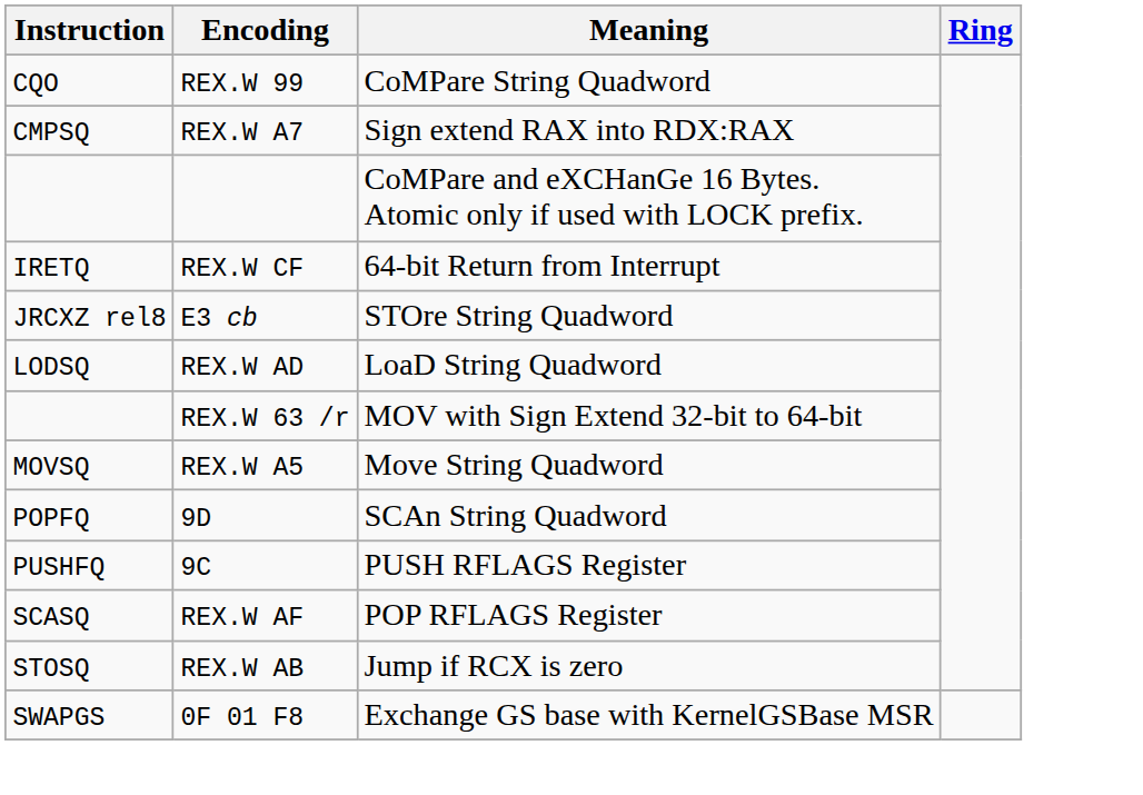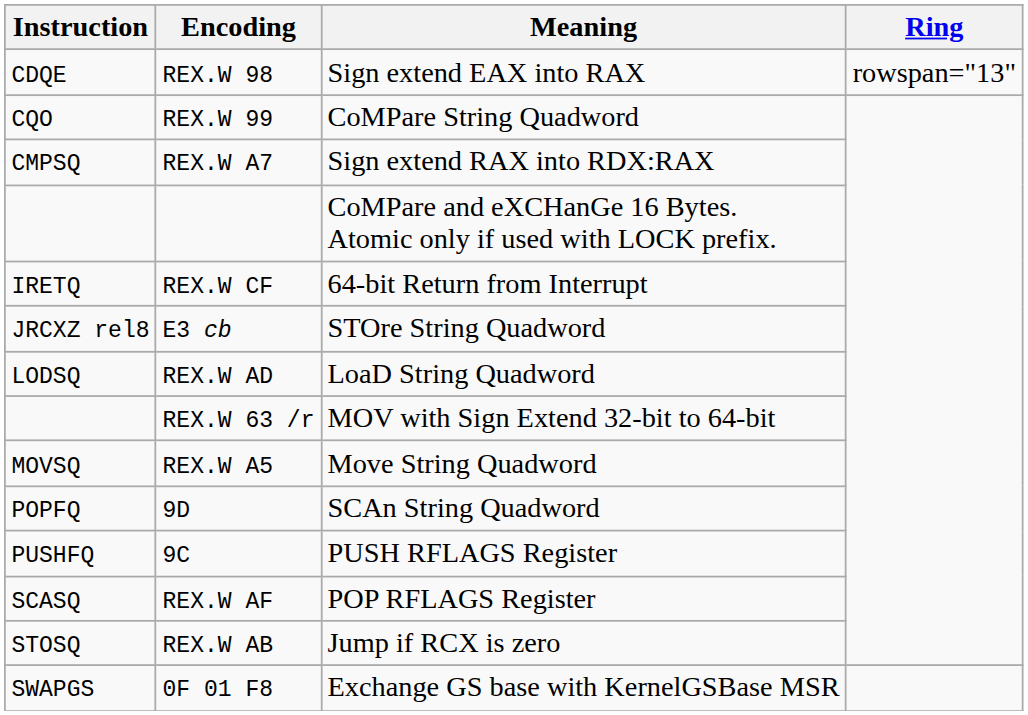 <table class="wikitable sortable">
 <tr>
 <th>Instruction</th>
 <th>Encoding</th>
 <th>Meaning</th>
 <th><a href='#'>Ring</a></th>
+</tr>
+<tr>
+<td><code>CDQE</code></td>
+<td><code>REX.W 98</code></td>
+<td>Sign extend EAX into RAX</td>
+<td>rowspan="13" </td>
 </tr>
 <tr>
 <td><code>CQO</code></td>
 <td><code>REX.W 99</code></td>
 <td>CoMPare String Quadword</td>
 </tr>
 <tr>
 <td><code>CMPSQ</code></td>
 <td><code>REX.W A7</code></td>
 <td>Sign extend RAX into RDX:RAX</td>
 </tr>
 <tr>
 <td></td>
 <td></td>
 <td>CoMPare and eXCHanGe 16 Bytes.<br>Atomic only if used with LOCK prefix.</td>
 </tr>
 <tr>
 <td><code>IRETQ</code></td>
 <td><code>REX.W CF</code></td>
 <td>64-bit Return from Interrupt</td>
 </tr>
 <tr>
 <td><code>JRCXZ rel8</code></td>
 <td><code>E3 <em>cb</em></code></td>
 <td>STOre String Quadword</td>
 </tr>
 <tr>
 <td><code>LODSQ</code></td>
 <td><code>REX.W AD</code></td>
 <td>LoaD String Quadword</td>
 </tr>
 <tr>
 <td></td>
 <td><code>REX.W 63 /r</code></td>
 <td>MOV with Sign Extend 32-bit to 64-bit</td>
 </tr>
 <tr>
 <td><code>MOVSQ</code></td>
 <td><code>REX.W A5</code></td>
 <td>Move String Quadword</td>
 </tr>
 <tr>
 <td><code>POPFQ</code></td>
 <td><code>9D</code></td>
 <td>SCAn String Quadword</td>
 </tr>
 <tr>
 <td><code>PUSHFQ</code></td>
 <td><code>9C</code></td>
 <td>PUSH RFLAGS Register</td>
 </tr>
 <tr>
 <td><code>SCASQ</code></td>
 <td><code>REX.W AF</code></td>
 <td>POP RFLAGS Register</td>
 </tr>
 <tr>
 <td><code>STOSQ</code></td>
 <td><code>REX.W AB</code></td>
 <td>Jump if RCX is zero</td>
 </tr>
 <tr>
 <td><code>SWAPGS</code></td>
 <td><code>0F 01 F8</code></td>
 <td>Exchange GS base with KernelGSBase MSR</td>
 <td></td>
 </tr>
 </table>
